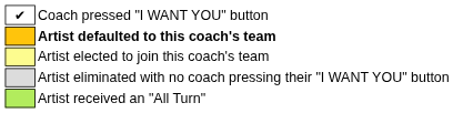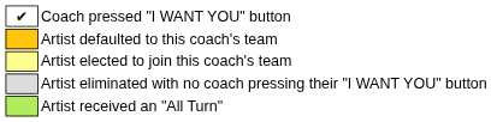 <table class="toccolours" style="font-size: 100%; white-space: nowrap">
 <tr>
 <td style="background:white; border:1px solid black">  ✔  </td>
 <td>Coach pressed "I WANT YOU" button</td>
 </tr>
 <tr>
 <td style="background:#FFC40C; border: 1px solid black">     </td>
-<td><strong>Artist defaulted to this coach's team</strong></td>
+<td>Artist defaulted to this coach's team</td>
 </tr>
 <tr>
 <td style="background:#fdfc8f; border: 1px solid black">     </td>
 <td>Artist elected to join this coach's team</td>
 </tr>
 <tr>
 <td style="background:#DCDCDC; border: 1px solid">     </td>
 <td>Artist eliminated with no coach pressing their "I WANT YOU" button</td>
 </tr>
 <tr>
 <td style="background:#B2EC5D; border: 1px solid">     </td>
 <td>Artist received an "All Turn"</td>
 </tr>
 </table>
